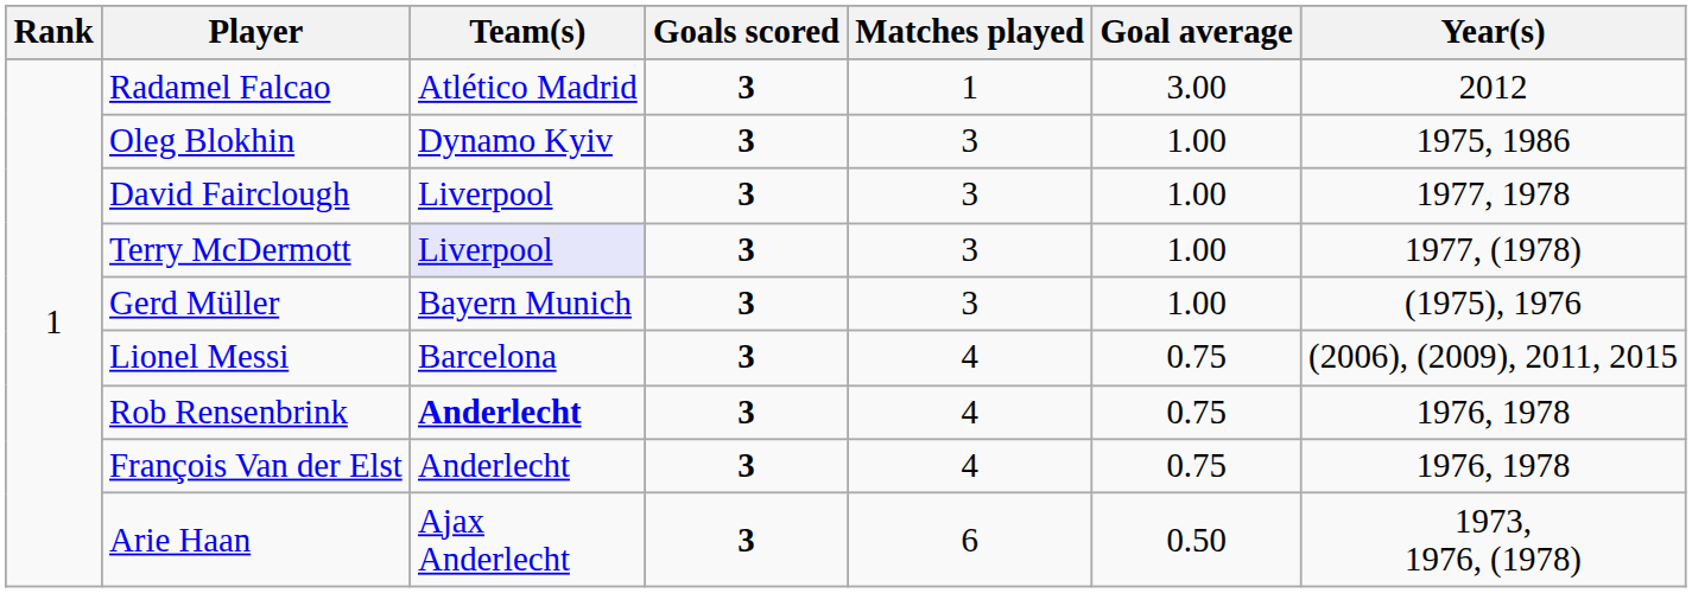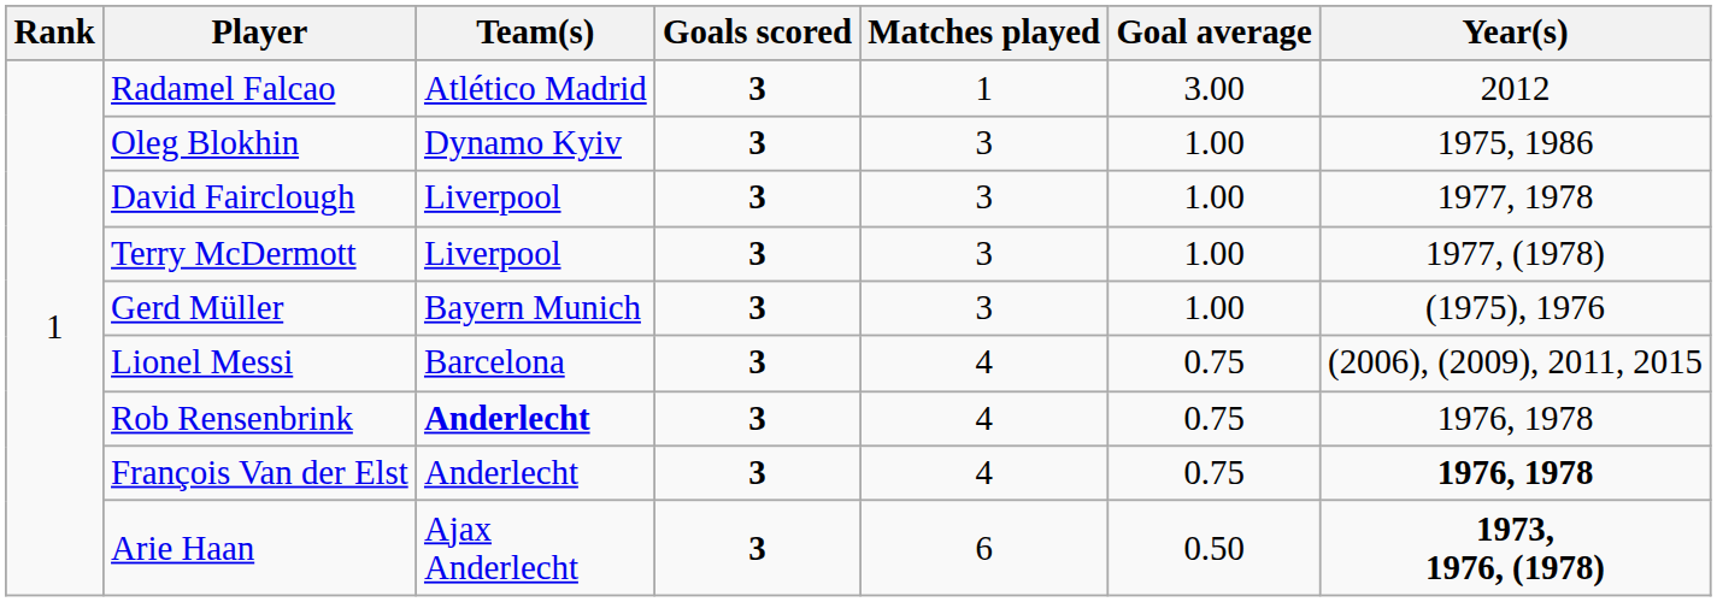 <table class="wikitable sortable" style="text-align:center;">
 <tr>
 <th>Rank</th>
 <th>Player</th>
 <th>Team(s)</th>
 <th>Goals scored</th>
 <th>Matches played</th>
 <th>Goal average</th>
 <th>Year(s)</th>
 </tr>
 <tr>
 <td rowspan="9">1</td>
 <td align="left"> <a href='#'>Radamel Falcao</a></td>
 <td align="left"> <a href='#'>Atlético Madrid</a></td>
 <td><strong>3</strong></td>
 <td>1</td>
 <td>3.00</td>
 <td>2012</td>
 </tr>
 <tr>
 <td align="left"> <a href='#'>Oleg Blokhin</a></td>
 <td align="left"> <a href='#'>Dynamo Kyiv</a></td>
 <td><strong>3</strong></td>
 <td>3</td>
 <td>1.00</td>
 <td>1975, 1986</td>
 </tr>
 <tr>
 <td align="left"> <a href='#'>David Fairclough</a></td>
 <td align="left"> <a href='#'>Liverpool</a></td>
 <td><strong>3</strong></td>
 <td>3</td>
 <td>1.00</td>
 <td>1977, 1978</td>
 </tr>
 <tr>
 <td align="left"> <a href='#'>Terry McDermott</a></td>
-<td align="left" style="background: lavender;"> <a href='#'>Liverpool</a></td>
+<td align="left"> <a href='#'>Liverpool</a></td>
 <td><strong>3</strong></td>
 <td>3</td>
 <td>1.00</td>
 <td>1977, (1978)</td>
 </tr>
 <tr>
 <td align="left"> <a href='#'>Gerd Müller</a></td>
 <td align="left"> <a href='#'>Bayern Munich</a></td>
 <td><strong>3</strong></td>
 <td>3</td>
 <td>1.00</td>
 <td>(1975), 1976</td>
 </tr>
 <tr>
 <td align="left"> <a href='#'>Lionel Messi</a></td>
 <td align="left"> <a href='#'>Barcelona</a></td>
 <td><strong>3</strong></td>
 <td>4</td>
 <td>0.75</td>
 <td>(2006), (2009), 2011, 2015</td>
 </tr>
 <tr>
 <td align="left"> <a href='#'>Rob Rensenbrink</a></td>
 <td align="left"><strong> <a href='#'>Anderlecht</a></strong></td>
 <td><strong>3</strong></td>
 <td>4</td>
 <td>0.75</td>
 <td>1976, 1978</td>
 </tr>
 <tr>
 <td align="left"> <a href='#'>François Van der Elst</a></td>
 <td align="left"> <a href='#'>Anderlecht</a></td>
 <td><strong>3</strong></td>
 <td>4</td>
 <td>0.75</td>
-<td>1976, 1978</td>
+<td><strong>1976, 1978</strong></td>
 </tr>
 <tr>
 <td align="left"> <a href='#'>Arie Haan</a></td>
 <td align="left"> <a href='#'>Ajax</a><br> <a href='#'>Anderlecht</a></td>
 <td><strong>3</strong></td>
 <td>6</td>
 <td>0.50</td>
-<td>1973,<br>1976, (1978)</td>
+<td><strong>1973,<br>1976, (1978)</strong></td>
 </tr>
 </table>
